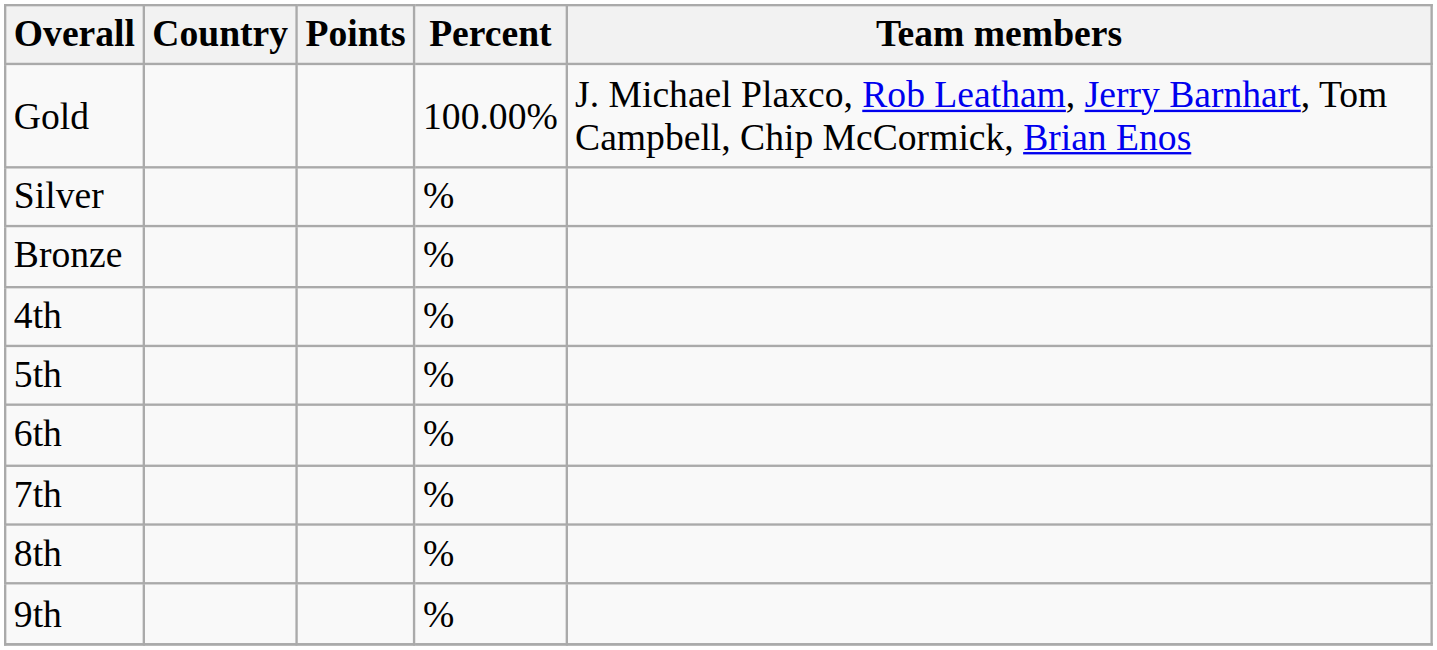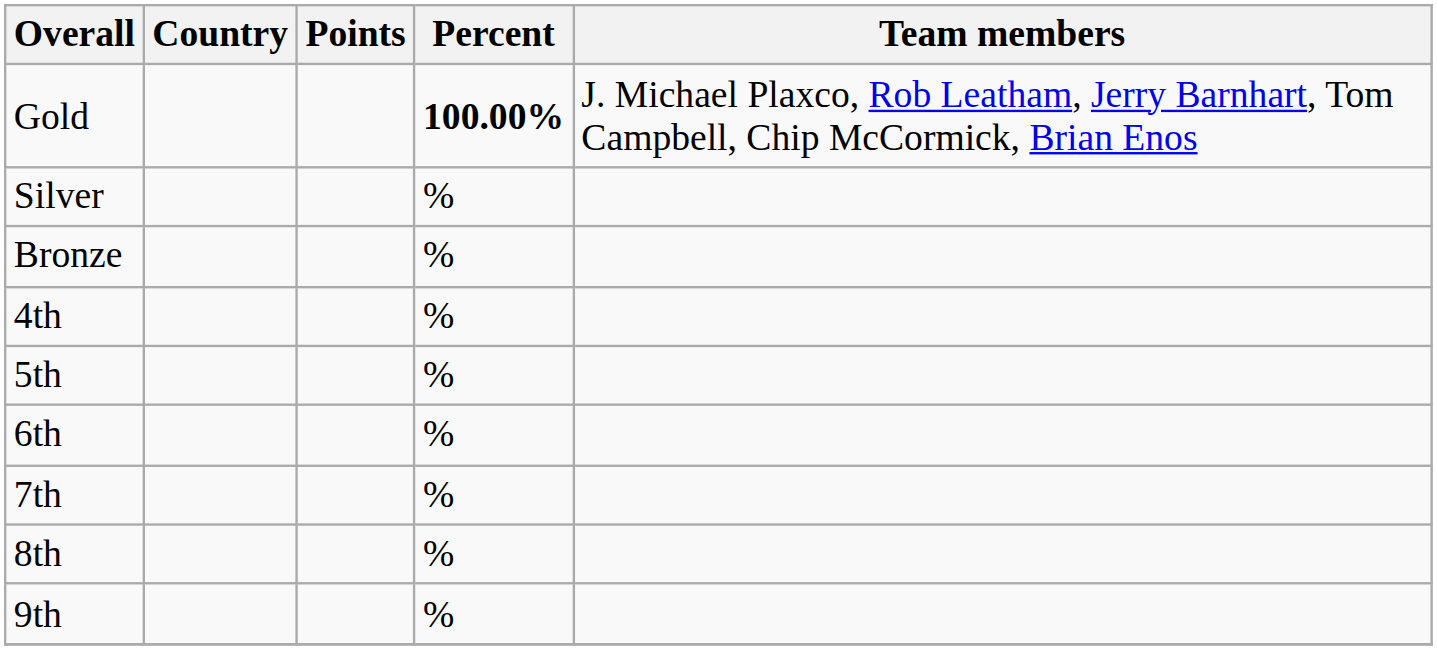 <table class="wikitable sortable" style="text-align: left;">
 <tr>
 <th>Overall</th>
 <th>Country</th>
 <th>Points</th>
 <th>Percent</th>
 <th>Team members</th>
 </tr>
 <tr>
 <td> Gold</td>
 <td></td>
 <td></td>
-<td>100.00%</td>
+<td><strong>100.00%</strong></td>
 <td>J. Michael Plaxco, <a href='#'>Rob Leatham</a>, <a href='#'>Jerry Barnhart</a>, Tom Campbell, Chip McCormick, <a href='#'>Brian Enos</a></td>
 </tr>
 <tr>
 <td> Silver</td>
 <td></td>
 <td></td>
 <td>%</td>
 <td></td>
 </tr>
 <tr>
 <td> Bronze</td>
 <td></td>
 <td></td>
 <td>%</td>
 <td></td>
 </tr>
 <tr>
 <td>4th</td>
 <td></td>
 <td></td>
 <td>%</td>
 <td></td>
 </tr>
 <tr>
 <td>5th</td>
 <td></td>
 <td></td>
 <td>%</td>
 <td></td>
 </tr>
 <tr>
 <td>6th</td>
 <td></td>
 <td></td>
 <td>%</td>
 <td></td>
 </tr>
 <tr>
 <td>7th</td>
 <td></td>
 <td></td>
 <td>%</td>
 <td></td>
 </tr>
 <tr>
 <td>8th</td>
 <td></td>
 <td></td>
 <td>%</td>
 <td></td>
 </tr>
 <tr>
 <td>9th</td>
 <td></td>
 <td></td>
 <td>%</td>
 <td></td>
 </tr>
 <tr>
 </tr>
 </table>
